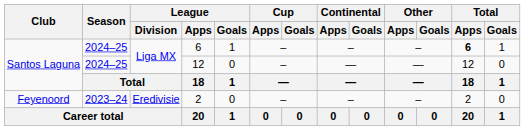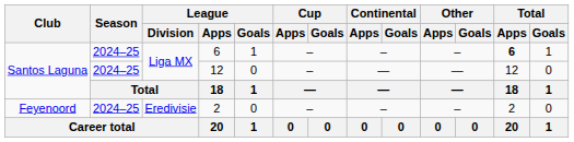 <table class="wikitable" style="text-align:center">
 <tr>
 <th rowspan="2">Club</th>
 <th rowspan="2">Season</th>
 <th colspan="3">League</th>
 <th colspan="2">Cup</th>
 <th colspan="2">Continental</th>
 <th colspan="2">Other</th>
 <th colspan="2">Total</th>
 </tr>
 <tr>
 <th>Division</th>
 <th>Apps</th>
 <th>Goals</th>
 <th>Apps</th>
 <th>Goals</th>
 <th>Apps</th>
 <th>Goals</th>
 <th>Apps</th>
 <th>Goals</th>
 <th>Apps</th>
 <th>Goals</th>
 </tr>
 <tr>
 <td rowspan="3"><a href='#'>Santos Laguna</a></td>
 <td><a href='#'>2024–25</a></td>
 <td rowspan="2"><a href='#'>Liga MX</a></td>
 <td>6</td>
 <td>1</td>
 <td colspan="2">–</td>
 <td colspan="2">–</td>
 <td colspan="2">–</td>
 <td><strong>6</strong></td>
 <td>1</td>
 </tr>
 <tr>
 <td><a href='#'>2024–25</a></td>
 <td>12</td>
 <td>0</td>
 <td colspan="2">–</td>
 <td colspan="2">—</td>
 <td colspan="2">—</td>
 <td>12</td>
 <td>0</td>
 </tr>
 <tr>
 <th colspan="2">Total</th>
 <th>18</th>
 <th>1</th>
 <th colspan="2">—</th>
 <th colspan="2">—</th>
 <th colspan="2">—</th>
 <th>18</th>
 <th>1</th>
 </tr>
 <tr>
 <td><a href='#'>Feyenoord</a></td>
-<td><a href='#'>2023–24</a></td>
+<td><a href='#'>2024–25</a></td>
 <td><a href='#'>Eredivisie</a></td>
 <td>2</td>
 <td>0</td>
 <td colspan="2">–</td>
 <td colspan="2">–</td>
 <td colspan="2">–</td>
 <td>2</td>
 <td>0</td>
 </tr>
 <tr>
 <th colspan="3">Career total</th>
 <th>20</th>
 <th>1</th>
 <th>0</th>
 <th>0</th>
 <th>0</th>
 <th>0</th>
 <th>0</th>
 <th>0</th>
 <th>20</th>
 <th>1</th>
 </tr>
 </table>
